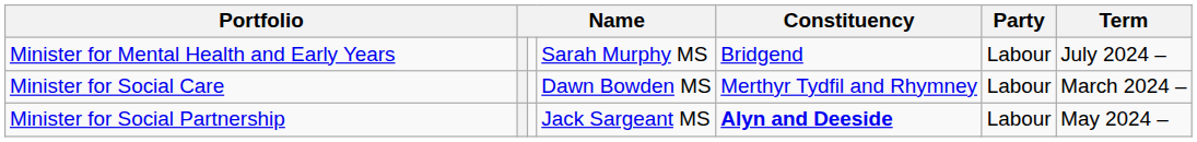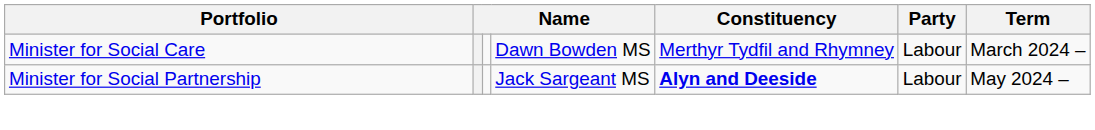 <table class="wikitable">
 <tr>
 <th style="width: 390px">Portfolio</th>
 <th colspan="3">Name</th>
 <th>Constituency</th>
 <th>Party</th>
 <th>Term</th>
-</tr>
-<tr>
-<td><a href='#'>Minister for Mental Health and Early Years</a></td>
-<th style="background-color: "></th>
-<td></td>
-<td><a href='#'>Sarah Murphy</a> MS</td>
-<td><a href='#'>Bridgend</a></td>
-<td>Labour</td>
-<td>July 2024 –</td>
 </tr>
 <tr>
 <td><a href='#'>Minister for Social Care</a></td>
 <th style="background-color: "></th>
 <td></td>
 <td><a href='#'>Dawn Bowden</a> MS</td>
 <td><a href='#'>Merthyr Tydfil and Rhymney</a></td>
 <td>Labour</td>
 <td>March 2024 –</td>
 </tr>
 <tr>
 <td><a href='#'>Minister for Social Partnership</a></td>
 <th style="background-color: "></th>
 <td></td>
 <td><a href='#'>Jack Sargeant</a> MS</td>
 <td><strong><a href='#'>Alyn and Deeside</a></strong></td>
 <td>Labour</td>
 <td>May 2024 –</td>
 </tr>
 </table>
